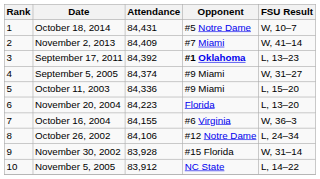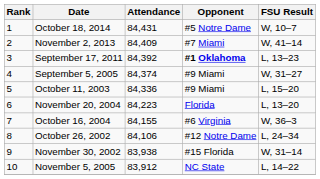 <table class=wikitable>
 <tr>
 <th>Rank</th>
 <th>Date</th>
 <th>Attendance</th>
 <th>Opponent</th>
 <th>FSU Result</th>
 </tr>
 <tr>
 <td>1</td>
 <td>October 18, 2014</td>
 <td>84,431</td>
 <td>#5 <a href='#'>Notre Dame</a></td>
 <td>W, 10–7</td>
 </tr>
 <tr>
 <td>2</td>
 <td>November 2, 2013</td>
 <td>84,409</td>
 <td>#7 <a href='#'>Miami</a></td>
 <td>W, 41–14</td>
 </tr>
 <tr>
 <td>3</td>
 <td>September 17, 2011</td>
 <td>84,392</td>
 <td><strong>#1 <a href='#'>Oklahoma</a></strong></td>
 <td>L, 13–23</td>
 </tr>
 <tr>
 <td>4</td>
 <td>September 5, 2005</td>
 <td>84,374</td>
 <td>#9 Miami</td>
 <td>W, 31–27</td>
 </tr>
 <tr>
 <td>5</td>
 <td>October 11, 2003</td>
 <td>84,336</td>
 <td>#9 Miami</td>
 <td>L, 15–20</td>
 </tr>
 <tr>
 <td>6</td>
 <td>November 20, 2004</td>
 <td>84,223</td>
 <td><a href='#'>Florida</a></td>
 <td>L, 13–20</td>
 </tr>
 <tr>
 <td>7</td>
 <td>October 16, 2004</td>
 <td>84,155</td>
 <td>#6 <a href='#'>Virginia</a></td>
 <td>W, 36–3</td>
 </tr>
 <tr>
 <td>8</td>
 <td>October 26, 2002</td>
 <td>84,106</td>
 <td>#12 <a href='#'>Notre Dame</a></td>
 <td>L, 24–34</td>
 </tr>
 <tr>
 <td>9</td>
 <td>November 30, 2002</td>
-<td>83,928</td>
+<td>83,938</td>
 <td>#15 Florida</td>
 <td>W, 31–14</td>
 </tr>
 <tr>
 <td>10</td>
 <td>November 5, 2005</td>
 <td>83,912</td>
 <td><a href='#'>NC State</a></td>
 <td>L, 14–22</td>
 </tr>
 <tr>
 </tr>
 </table>
